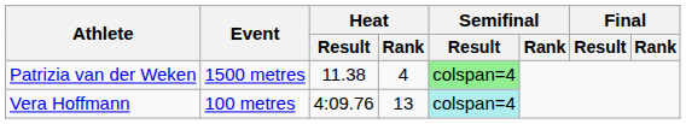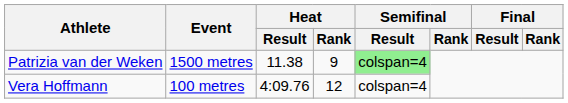 <table class="wikitable" style="font-size:90%">
 <tr>
 <th rowspan="2">Athlete</th>
 <th rowspan="2">Event</th>
 <th colspan="2">Heat</th>
 <th colspan="2">Semifinal</th>
 <th colspan="2">Final</th>
 </tr>
 <tr style="font-size:95%">
 <th>Result</th>
 <th>Rank</th>
 <th>Result</th>
 <th>Rank</th>
 <th>Result</th>
 <th>Rank</th>
 </tr>
 <tr align=center>
 <td align=left><a href='#'>Patrizia van der Weken</a></td>
 <td align=left><a href='#'>1500 metres</a></td>
 <td>11.38</td>
-<td>4</td>
+<td>9</td>
 <td style="background: lightgreen;">colspan=4 </td>
 </tr>
 <tr align=center>
 <td align=left><a href='#'>Vera Hoffmann</a></td>
 <td align=left><a href='#'>100 metres</a></td>
 <td>4:09.76</td>
-<td>13</td>
-<td style="background: paleturquoise;">colspan=4 </td>
+<td>12</td>
+<td>colspan=4 </td>
 </tr>
 </table>
